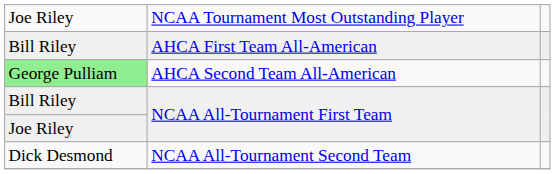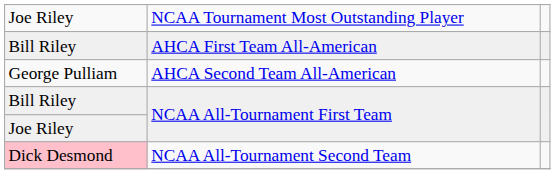 <table class="wikitable" width=40%>
 <tr>
 <td>Joe Riley</td>
 <td rowspan=1><a href='#'>NCAA Tournament Most Outstanding Player</a></td>
 <td rowspan=1></td>
 </tr>
 <tr bgcolor=f0f0f0>
 <td>Bill Riley</td>
 <td rowspan=1><a href='#'>AHCA First Team All-American</a></td>
 <td rowspan=1></td>
 </tr>
 <tr>
-<td style="background: lightgreen;">George Pulliam</td>
+<td>George Pulliam</td>
 <td rowspan=1><a href='#'>AHCA Second Team All-American</a></td>
 <td rowspan=1></td>
 </tr>
 <tr bgcolor=f0f0f0>
 <td>Bill Riley</td>
 <td rowspan=2><a href='#'>NCAA All-Tournament First Team</a></td>
 <td rowspan=2></td>
 </tr>
 <tr bgcolor=f0f0f0>
 <td>Joe Riley</td>
 </tr>
 <tr>
-<td>Dick Desmond</td>
+<td style="background: pink;">Dick Desmond</td>
 <td rowspan=1><a href='#'>NCAA All-Tournament Second Team</a></td>
 <td rowspan=1></td>
 </tr>
 <tr>
 </tr>
 </table>
